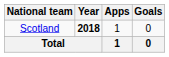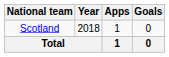 <table class="wikitable" style="text-align:center">
 <tr>
 <th>National team</th>
 <th>Year</th>
 <th>Apps</th>
 <th>Goals</th>
 </tr>
 <tr>
 <td><a href='#'>Scotland</a></td>
-<td><strong>2018</strong></td>
+<td>2018</td>
 <td>1</td>
 <td>0</td>
 </tr>
 <tr>
 <th colspan="2">Total</th>
 <th>1</th>
 <th>0</th>
 </tr>
 </table>
